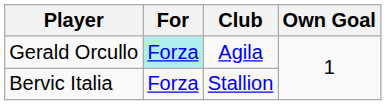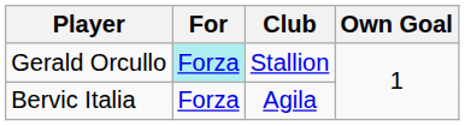 <table class="wikitable" style="text-align:center">
 <tr>
 <th>Player</th>
 <th>For</th>
 <th>Club</th>
 <th>Own Goal</th>
 </tr>
 <tr>
 <td align=left> Gerald Orcullo</td>
 <td style="background: paleturquoise;"><a href='#'>Forza</a></td>
-<td><a href='#'>Agila</a></td>
+<td><a href='#'>Stallion</a></td>
 <td rowspan=2>1</td>
 </tr>
 <tr>
 <td align=left> Bervic Italia</td>
 <td><a href='#'>Forza</a></td>
-<td><a href='#'>Stallion</a></td>
+<td><a href='#'>Agila</a></td>
 </tr>
 </table>
